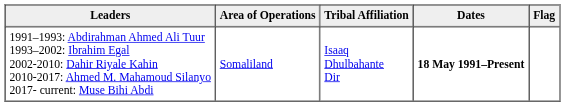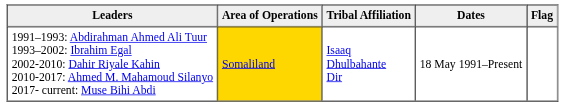 <table border="1" cellpadding="5" cellspacing="0" align="center">
 <tr>
 <th style="background:#efefef;">Leaders</th>
 <th style="background:#efefef;">Area of Operations</th>
 <th style="background:#efefef;">Tribal Affiliation</th>
 <th style="background:#efefef;">Dates</th>
 <th style="background:#efefef;">Flag</th>
 </tr>
 <tr>
 <td>1991–1993: <a href='#'>Abdirahman Ahmed Ali Tuur</a><br>1993–2002: <a href='#'>Ibrahim Egal</a><br>2002-2010: <a href='#'>Dahir Riyale Kahin</a><br>2010-2017: <a href='#'>Ahmed M. Mahamoud Silanyo</a><br>2017- current: <a href='#'>Muse Bihi Abdi</a></td>
-<td><a href='#'>Somaliland</a></td>
+<td style="background: gold;"><a href='#'>Somaliland</a></td>
 <td><a href='#'>Isaaq</a><br><a href='#'>Dhulbahante</a><br><a href='#'>Dir</a></td>
-<td><strong>18 May 1991–Present</strong></td>
+<td>18 May 1991–Present</td>
 <td></td>
 </tr>
 <tr>
 </tr>
 </table>
